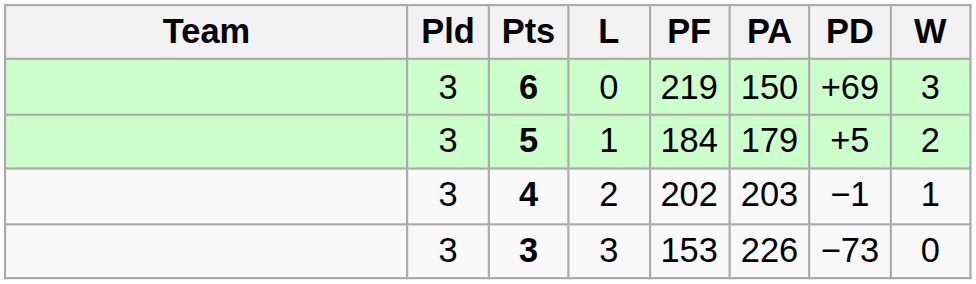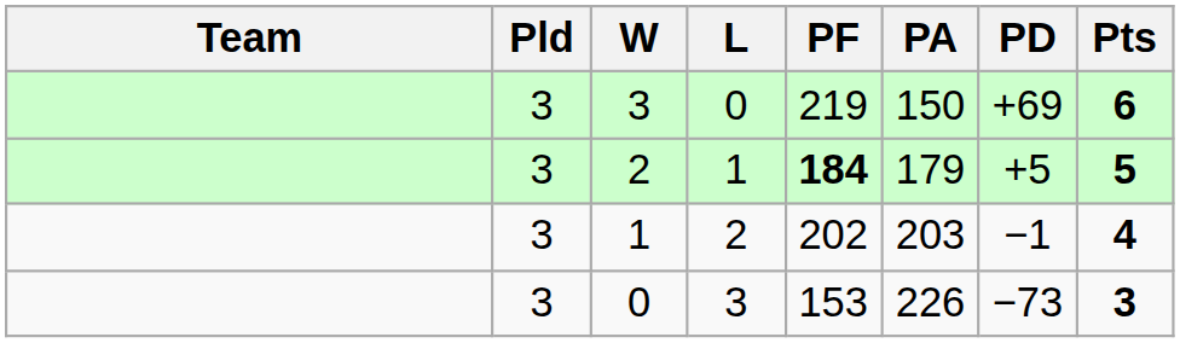 <table class=wikitable style="text-align:center">
 <tr>
 <th width=180>Team</th>
 <th width=30>Pld</th>
-<th width=30>Pts</th>
+<th width=30>W</th>
 <th width=30>L</th>
 <th width=30>PF</th>
 <th width=30>PA</th>
 <th width=30>PD</th>
-<th width=30>W</th>
+<th width=30>Pts</th>
 </tr>
 <tr align=center bgcolor="#ccffcc">
 <td align=left></td>
 <td>3</td>
-<td><strong>6</strong></td>
+<td>3</td>
 <td>0</td>
 <td>219</td>
 <td>150</td>
 <td>+69</td>
-<td>3</td>
+<td><strong>6</strong></td>
 </tr>
 <tr align=center bgcolor="#ccffcc">
 <td align=left></td>
 <td>3</td>
-<td><strong>5</strong></td>
+<td>2</td>
 <td>1</td>
-<td>184</td>
+<td><strong>184</strong></td>
 <td>179</td>
 <td>+5</td>
-<td>2</td>
+<td><strong>5</strong></td>
 </tr>
 <tr align=center>
 <td align=left></td>
 <td>3</td>
-<td><strong>4</strong></td>
+<td>1</td>
 <td>2</td>
 <td>202</td>
 <td>203</td>
 <td>−1</td>
-<td>1</td>
+<td><strong>4</strong></td>
 </tr>
 <tr align=center>
 <td align=left></td>
 <td>3</td>
-<td><strong>3</strong></td>
+<td>0</td>
 <td>3</td>
 <td>153</td>
 <td>226</td>
 <td>−73</td>
-<td>0</td>
+<td><strong>3</strong></td>
 </tr>
 </table>
